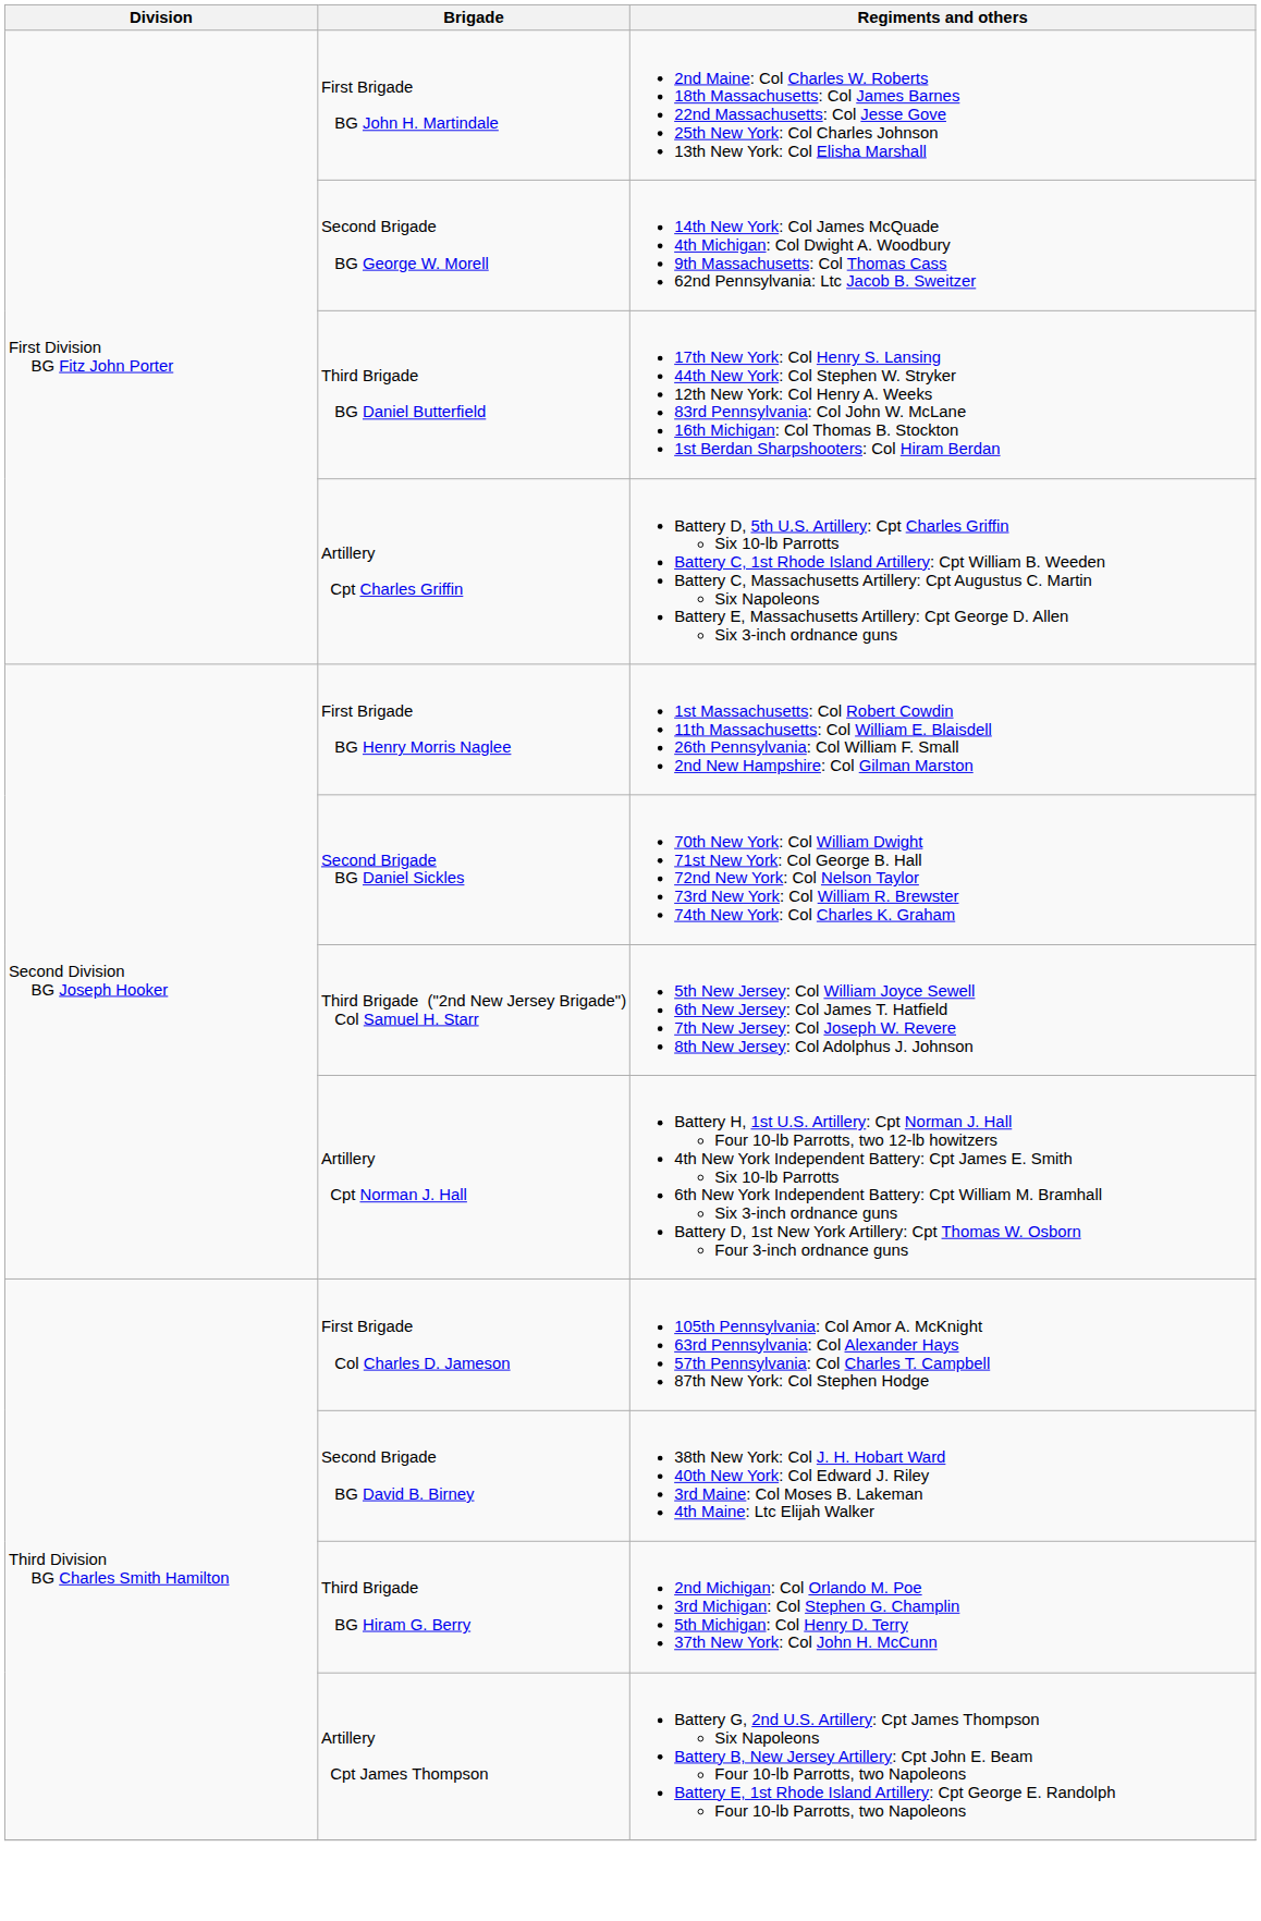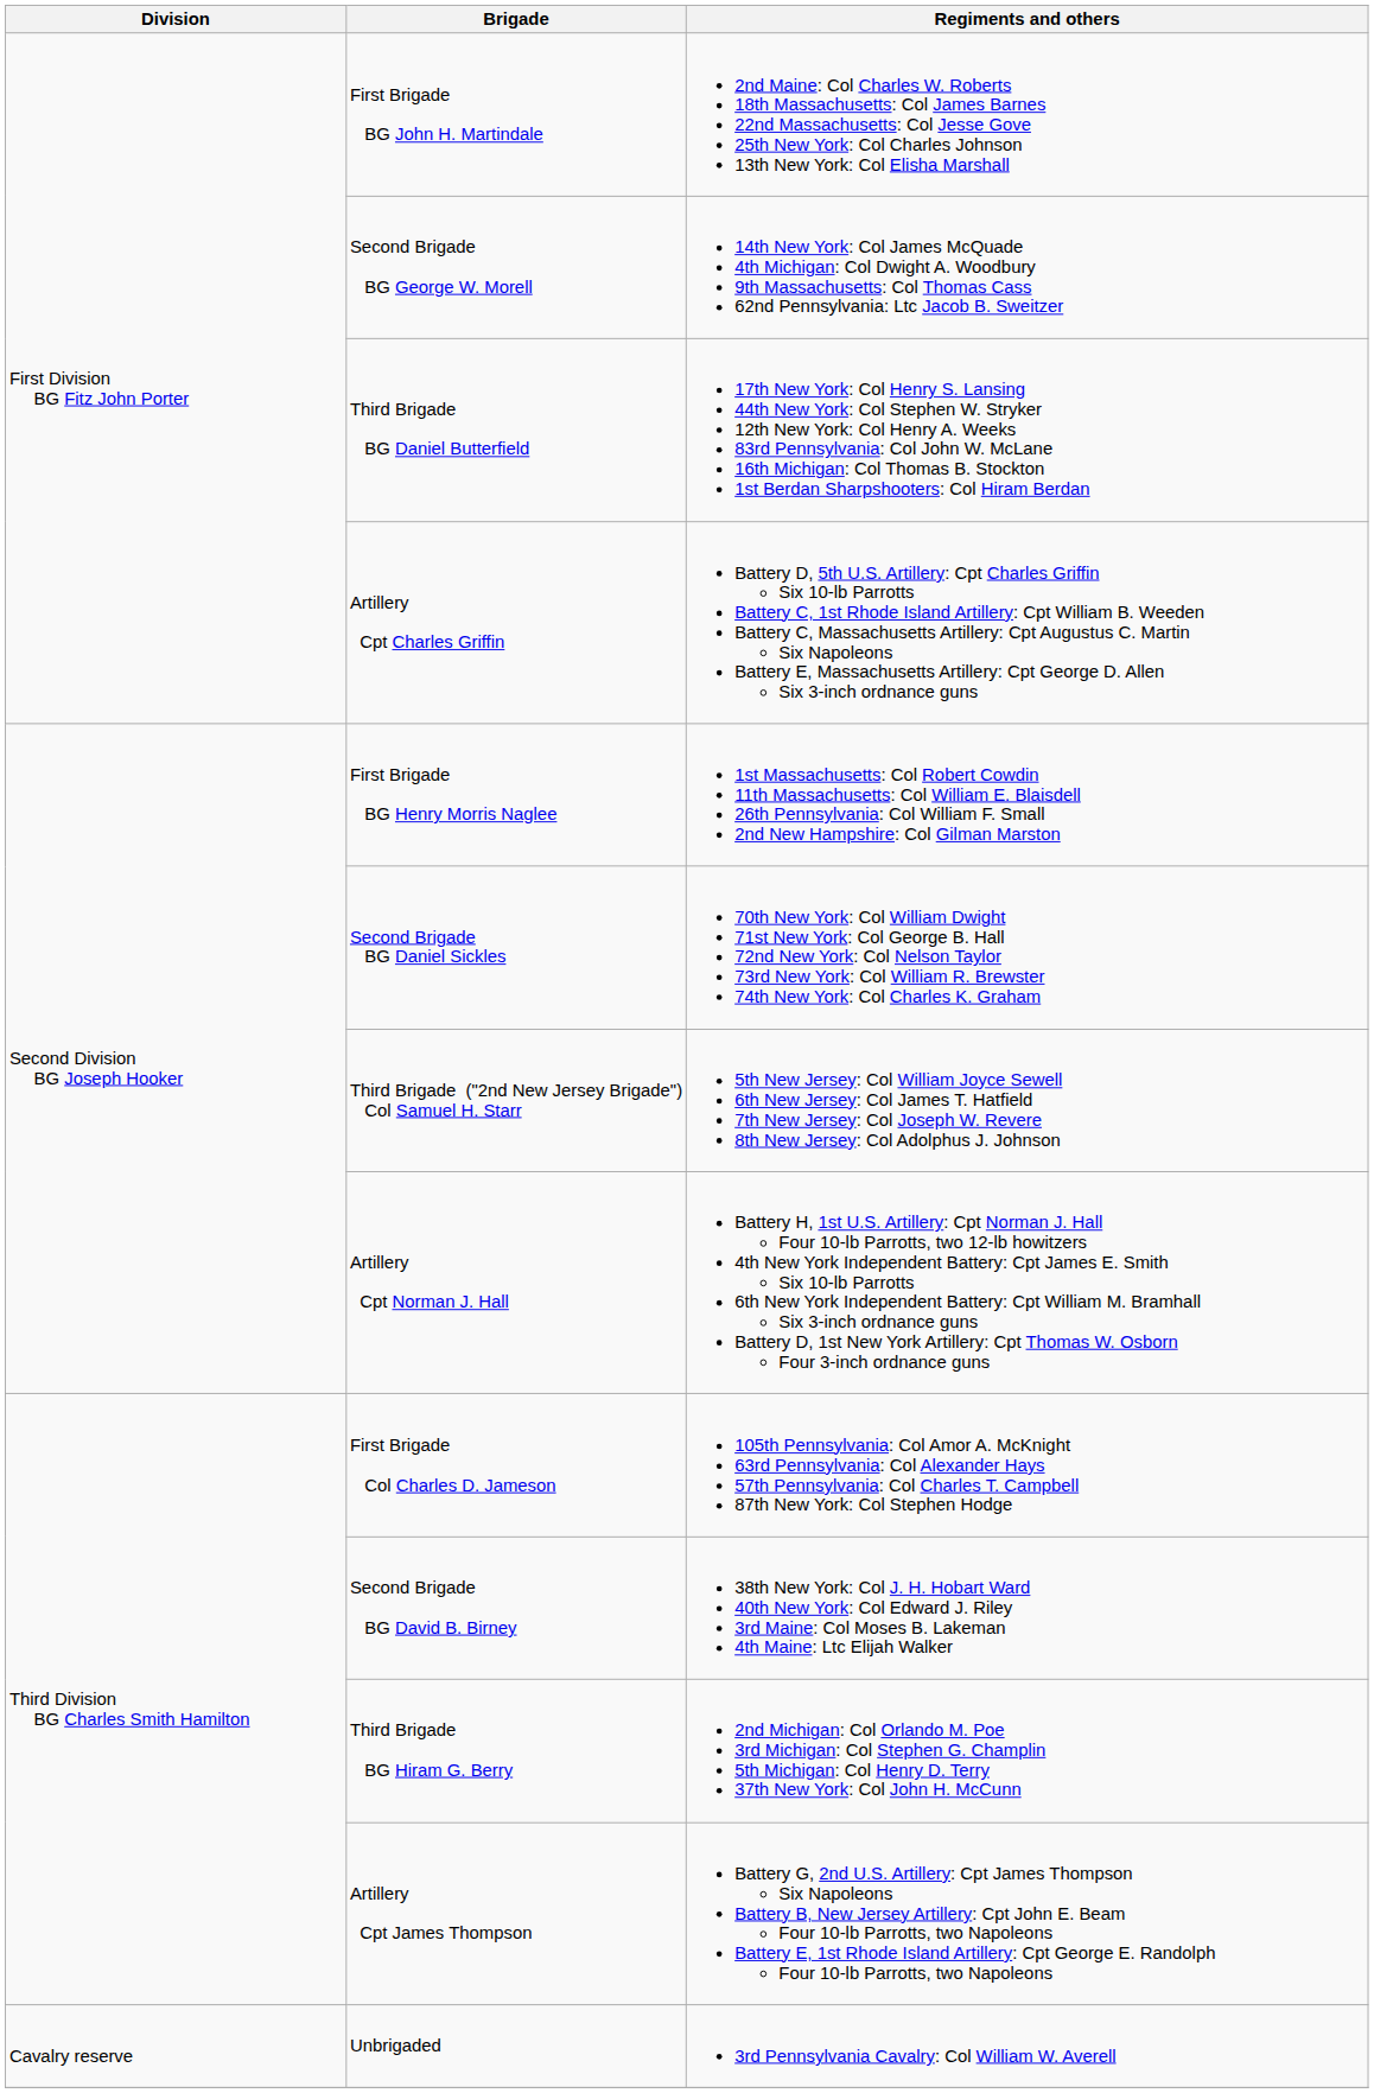 <table class="wikitable">
 <tr>
 <th width=25%>Division</th>
 <th width=25%>Brigade</th>
 <th>Regiments and others</th>
 </tr>
 <tr>
 <td rowspan=4><br>First Division <br>     BG <a href='#'>Fitz John Porter</a></td>
 <td>First Brigade<br><br>   BG <a href='#'>John H. Martindale</a></td>
 <td><br><ul><li><a href='#'>2nd Maine</a>: Col <a href='#'>Charles W. Roberts</a></li><li><a href='#'>18th Massachusetts</a>: Col <a href='#'>James Barnes</a></li><li><a href='#'>22nd Massachusetts</a>: Col <a href='#'>Jesse Gove</a></li><li><a href='#'>25th New York</a>: Col Charles Johnson</li><li>13th New York: Col <a href='#'>Elisha Marshall</a></li></ul></td>
 </tr>
 <tr>
 <td>Second Brigade<br><br>   BG <a href='#'>George W. Morell</a></td>
 <td><br><ul><li><a href='#'>14th New York</a>: Col James McQuade</li><li><a href='#'>4th Michigan</a>: Col Dwight A. Woodbury</li><li><a href='#'>9th Massachusetts</a>: Col <a href='#'>Thomas Cass</a></li><li>62nd Pennsylvania: Ltc <a href='#'>Jacob B. Sweitzer</a></li></ul></td>
 </tr>
 <tr>
 <td>Third Brigade<br><br>   BG <a href='#'>Daniel Butterfield</a></td>
 <td><br><ul><li><a href='#'>17th New York</a>: Col <a href='#'>Henry S. Lansing</a></li><li><a href='#'>44th New York</a>: Col Stephen W. Stryker</li><li>12th New York: Col Henry A. Weeks</li><li><a href='#'>83rd Pennsylvania</a>: Col John W. McLane</li><li><a href='#'>16th Michigan</a>: Col Thomas B. Stockton</li><li><a href='#'>1st Berdan Sharpshooters</a>: Col <a href='#'>Hiram Berdan</a></li></ul></td>
 </tr>
 <tr>
 <td>Artillery<br><br>  Cpt <a href='#'>Charles Griffin</a></td>
 <td><br><ul><li>Battery D, <a href='#'>5th U.S. Artillery</a>: Cpt <a href='#'>Charles Griffin</a><ul><li>Six 10-lb Parrotts</li></ul></li><li><a href='#'>Battery C, 1st Rhode Island Artillery</a>: Cpt William B. Weeden</li><li>Battery C, Massachusetts Artillery: Cpt Augustus C. Martin<ul><li>Six Napoleons</li></ul></li><li>Battery E, Massachusetts Artillery: Cpt George D. Allen<ul><li>Six 3-inch ordnance guns</li></ul></li></ul></td>
 </tr>
 <tr>
 <td rowspan=4><br>Second Division <br>     BG <a href='#'>Joseph Hooker</a></td>
 <td>First Brigade<br><br>   BG <a href='#'>Henry Morris Naglee</a></td>
 <td><br><ul><li><a href='#'>1st Massachusetts</a>: Col <a href='#'>Robert Cowdin</a></li><li><a href='#'>11th Massachusetts</a>: Col <a href='#'>William E. Blaisdell</a></li><li><a href='#'>26th Pennsylvania</a>: Col William F. Small</li><li><a href='#'>2nd New Hampshire</a>: Col <a href='#'>Gilman Marston</a></li></ul></td>
 </tr>
 <tr>
 <td><a href='#'>Second Brigade</a><br>   BG <a href='#'>Daniel Sickles</a></td>
 <td><br><ul><li><a href='#'>70th New York</a>: Col <a href='#'>William Dwight</a></li><li><a href='#'>71st New York</a>: Col George B. Hall</li><li><a href='#'>72nd New York</a>: Col <a href='#'>Nelson Taylor</a></li><li><a href='#'>73rd New York</a>: Col <a href='#'>William R. Brewster</a></li><li><a href='#'>74th New York</a>: Col <a href='#'>Charles K. Graham</a></li></ul></td>
 </tr>
 <tr>
 <td>Third Brigade  ("2nd New Jersey Brigade")<br>   Col <a href='#'>Samuel H. Starr</a></td>
 <td><br><ul><li><a href='#'>5th New Jersey</a>: Col <a href='#'>William Joyce Sewell</a></li><li><a href='#'>6th New Jersey</a>: Col James T. Hatfield</li><li><a href='#'>7th New Jersey</a>: Col <a href='#'>Joseph W. Revere</a></li><li><a href='#'>8th New Jersey</a>: Col Adolphus J. Johnson</li></ul></td>
 </tr>
 <tr>
 <td>Artillery<br><br>  Cpt <a href='#'>Norman J. Hall</a></td>
 <td><br><ul><li>Battery H, <a href='#'>1st U.S. Artillery</a>: Cpt <a href='#'>Norman J. Hall</a><ul><li>Four 10-lb Parrotts, two 12-lb howitzers</li></ul></li><li>4th New York Independent Battery: Cpt James E. Smith<ul><li>Six 10-lb Parrotts</li></ul></li><li>6th New York Independent Battery: Cpt William M. Bramhall<ul><li>Six 3-inch ordnance guns</li></ul></li><li>Battery D, 1st New York Artillery: Cpt <a href='#'>Thomas W. Osborn</a><ul><li>Four 3-inch ordnance guns</li></ul></li></ul></td>
 </tr>
 <tr>
 <td rowspan=4><br>Third Division <br>     BG <a href='#'>Charles Smith Hamilton</a></td>
 <td>First Brigade<br><br>   Col <a href='#'>Charles D. Jameson</a></td>
 <td><br><ul><li><a href='#'>105th Pennsylvania</a>: Col Amor A. McKnight</li><li><a href='#'>63rd Pennsylvania</a>: Col <a href='#'>Alexander Hays</a></li><li><a href='#'>57th Pennsylvania</a>: Col <a href='#'>Charles T. Campbell</a></li><li>87th New York: Col Stephen Hodge</li></ul></td>
 </tr>
 <tr>
 <td>Second Brigade<br><br>   BG <a href='#'>David B. Birney</a></td>
 <td><br><ul><li>38th New York: Col <a href='#'>J. H. Hobart Ward</a></li><li><a href='#'>40th New York</a>: Col Edward J. Riley</li><li><a href='#'>3rd Maine</a>: Col Moses B. Lakeman</li><li><a href='#'>4th Maine</a>: Ltc Elijah Walker</li></ul></td>
 </tr>
 <tr>
 <td>Third Brigade<br><br>   BG <a href='#'>Hiram G. Berry</a></td>
 <td><br><ul><li><a href='#'>2nd Michigan</a>: Col <a href='#'>Orlando M. Poe</a></li><li><a href='#'>3rd Michigan</a>: Col <a href='#'>Stephen G. Champlin</a></li><li><a href='#'>5th Michigan</a>: Col <a href='#'>Henry D. Terry</a></li><li><a href='#'>37th New York</a>: Col <a href='#'>John H. McCunn</a></li></ul></td>
 </tr>
 <tr>
 <td>Artillery<br><br>  Cpt James Thompson</td>
 <td><br><ul><li>Battery G, <a href='#'>2nd U.S. Artillery</a>: Cpt James Thompson<ul><li>Six Napoleons</li></ul></li><li><a href='#'>Battery B, New Jersey Artillery</a>: Cpt John E. Beam<ul><li>Four 10-lb Parrotts, two Napoleons</li></ul></li><li><a href='#'>Battery E, 1st Rhode Island Artillery</a>: Cpt George E. Randolph<ul><li>Four 10-lb Parrotts, two Napoleons</li></ul></li></ul></td>
 </tr>
 <tr>
+<td rowspan=1><br>Cavalry reserve</td>
+<td>Unbrigaded</td>
+<td><br><ul><li><a href='#'>3rd Pennsylvania Cavalry</a>: Col <a href='#'>William W. Averell</a></li></ul></td>
+</tr>
+<tr>
 </tr>
 </table>
